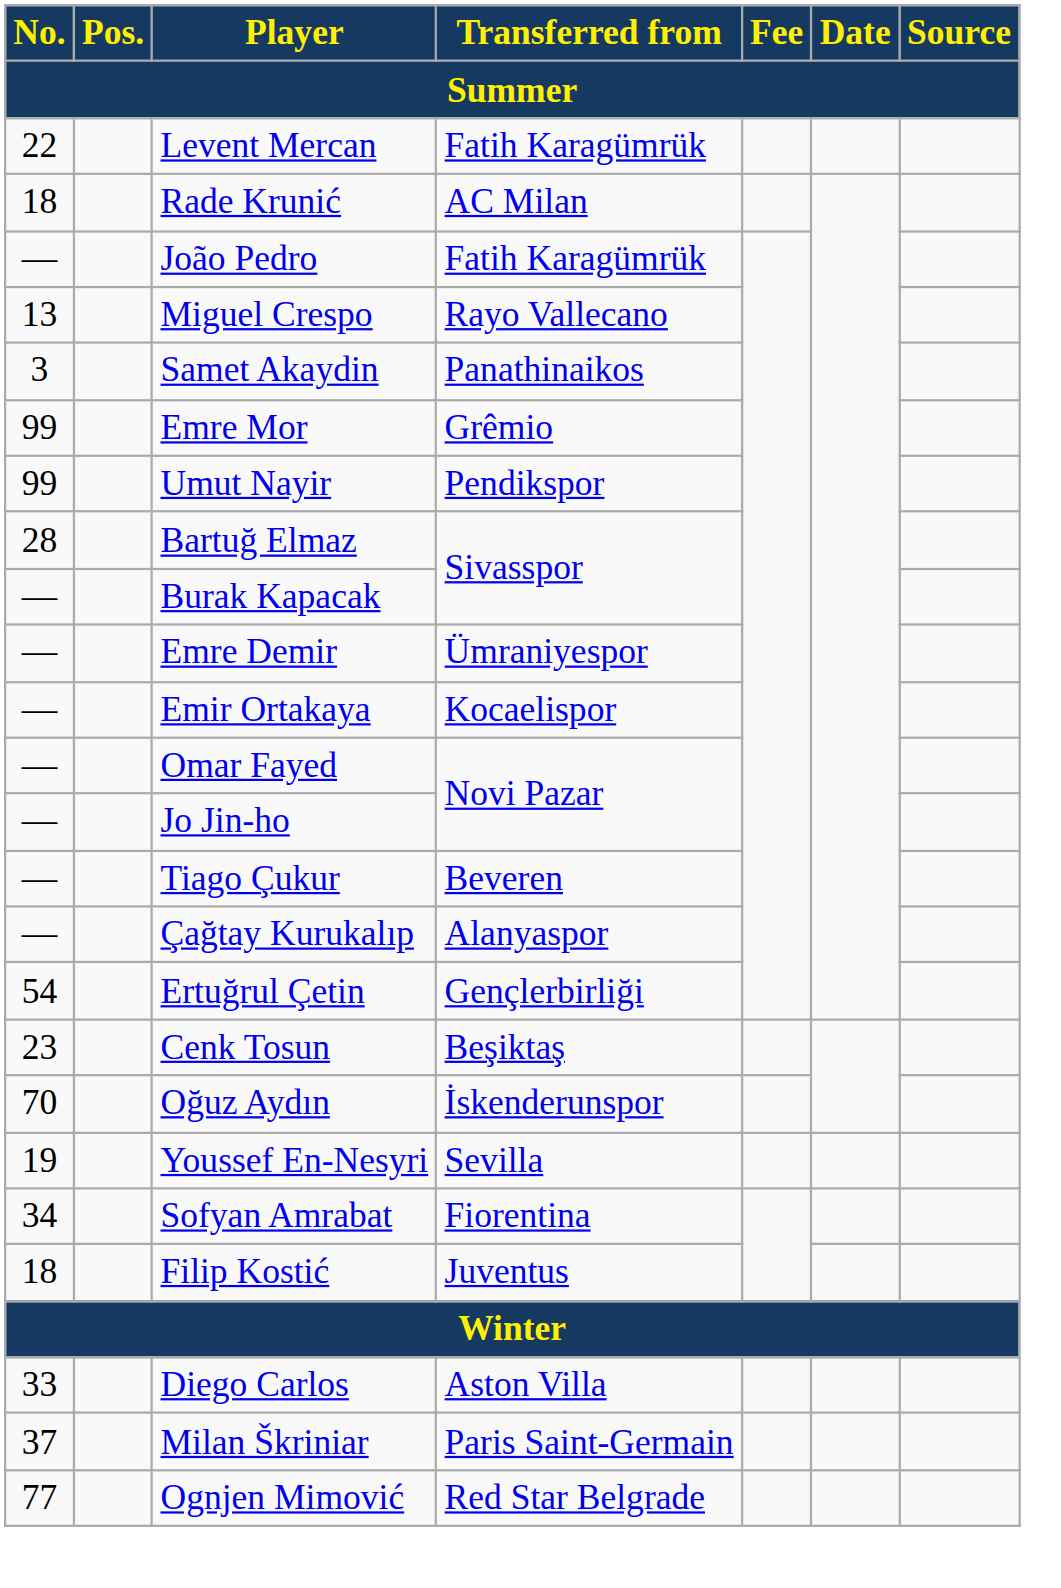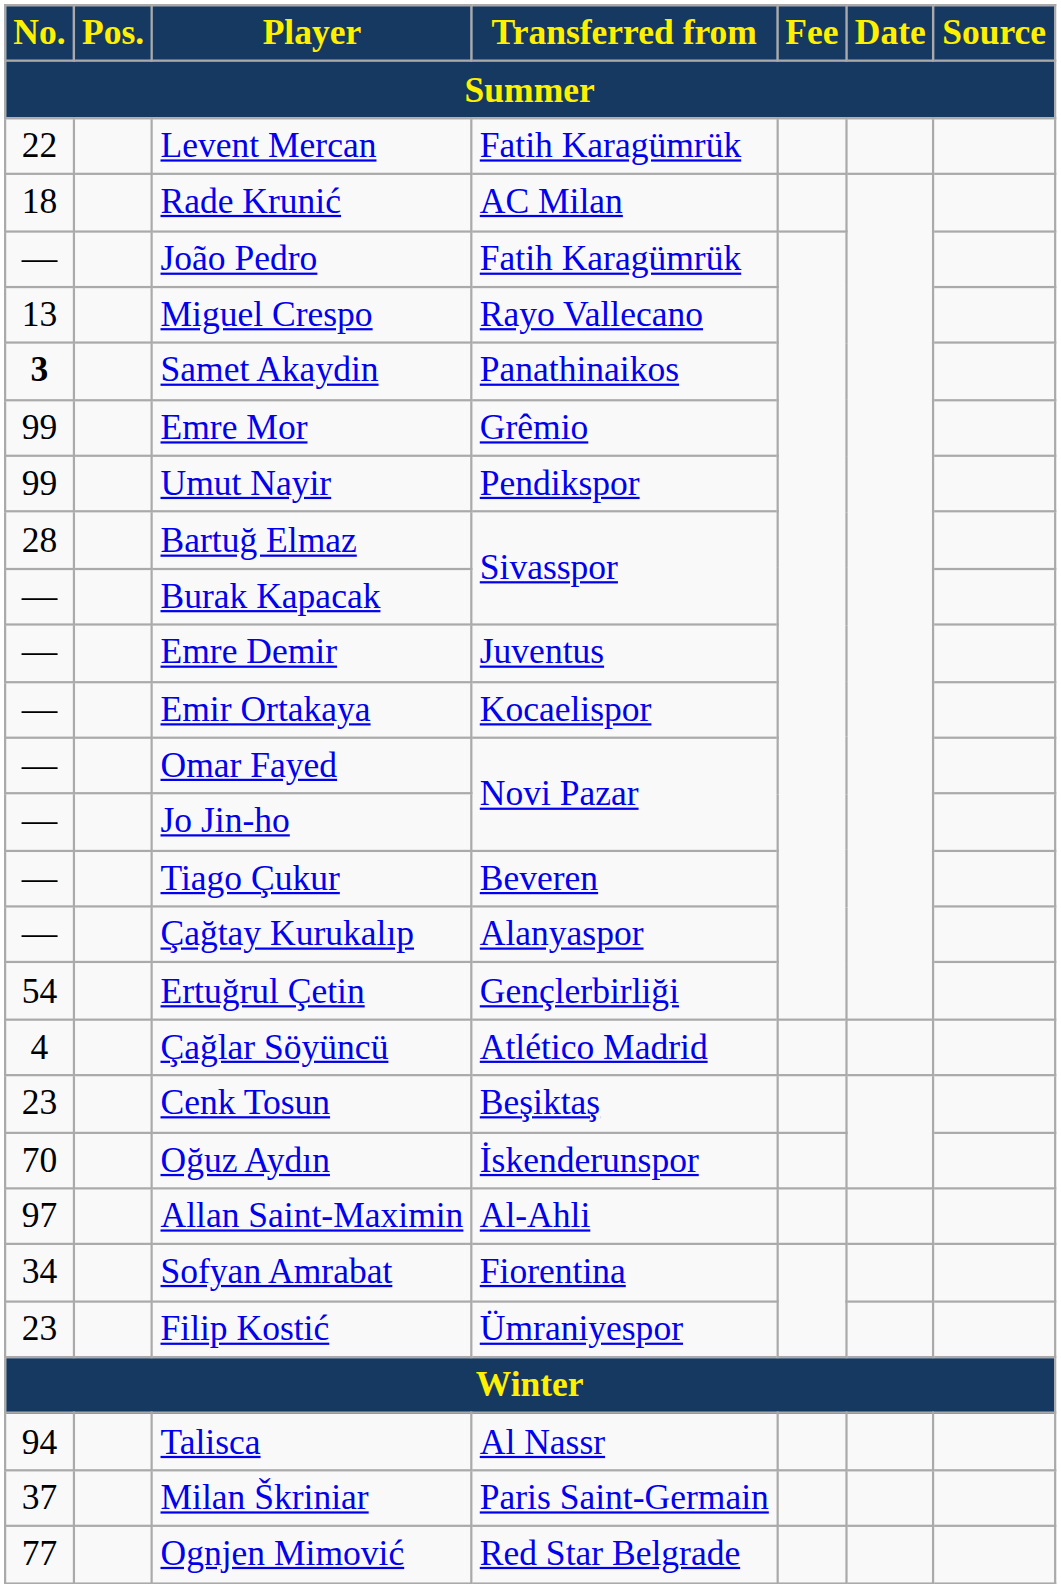 <table class="wikitable plainrowheaders sortable">
 <tr>
 <th style="background:#163962; color:#FFF000; ">No.</th>
 <th style="background:#163962; color:#FFF000; ">Pos.</th>
 <th style="background:#163962; color:#FFF000; ">Player</th>
 <th style="background:#163962; color:#FFF000; ">Transferred from</th>
 <th style="background:#163962; color:#FFF000; ">Fee</th>
 <th style="background:#163962; color:#FFF000; ">Date</th>
 <th style="background:#163962; color:#FFF000; ">Source</th>
 </tr>
 <tr>
 <th colspan=7 style="background:#163962;color:#FFF000;">Summer</th>
 </tr>
 <tr>
 <td align=center>22</td>
 <td align=center></td>
 <td> <a href='#'>Levent Mercan</a></td>
 <td> <a href='#'>Fatih Karagümrük</a></td>
 <td></td>
 <td></td>
 <td align=center></td>
 </tr>
 <tr>
 <td align=center>18</td>
 <td align=center></td>
 <td> <a href='#'>Rade Krunić</a></td>
 <td> <a href='#'>AC Milan</a></td>
 <td></td>
 <td rowspan=15></td>
 <td align=center></td>
 </tr>
 <tr>
 <td align=center>—</td>
 <td align=center></td>
 <td> <a href='#'>João Pedro</a></td>
 <td> <a href='#'>Fatih Karagümrük</a></td>
 <td rowspan=14></td>
 <td align=center></td>
 </tr>
 <tr>
 <td align=center>13</td>
 <td align=center></td>
 <td> <a href='#'>Miguel Crespo</a></td>
 <td> <a href='#'>Rayo Vallecano</a></td>
 <td align=center></td>
 </tr>
 <tr>
-<td align=center>3</td>
+<td align=center><strong>3</strong></td>
 <td align=center></td>
 <td> <a href='#'>Samet Akaydin</a></td>
 <td> <a href='#'>Panathinaikos</a></td>
 <td align=center></td>
 </tr>
 <tr>
 <td align=center>99</td>
 <td align=center></td>
 <td> <a href='#'>Emre Mor</a></td>
 <td> <a href='#'>Grêmio</a></td>
 <td align=center></td>
 </tr>
 <tr>
 <td align=center>99</td>
 <td align=center></td>
 <td> <a href='#'>Umut Nayir</a></td>
 <td> <a href='#'>Pendikspor</a></td>
 <td align=center></td>
 </tr>
 <tr>
 <td align=center>28</td>
 <td align=center></td>
 <td> <a href='#'>Bartuğ Elmaz</a></td>
 <td rowspan=2> <a href='#'>Sivasspor</a></td>
 <td align=center></td>
 </tr>
 <tr>
 <td align=center>—</td>
 <td align=center></td>
 <td> <a href='#'>Burak Kapacak</a></td>
 <td align=center></td>
 </tr>
 <tr>
 <td align=center>—</td>
 <td align=center></td>
 <td> <a href='#'>Emre Demir</a></td>
-<td> <a href='#'>Ümraniyespor</a></td>
+<td> <a href='#'>Juventus</a></td>
 <td align=center></td>
 </tr>
 <tr>
 <td align=center>—</td>
 <td align=center></td>
 <td> <a href='#'>Emir Ortakaya</a></td>
 <td> <a href='#'>Kocaelispor</a></td>
 <td align=center></td>
 </tr>
 <tr>
 <td align=center>—</td>
 <td align=center></td>
 <td> <a href='#'>Omar Fayed</a></td>
 <td rowspan=2> <a href='#'>Novi Pazar</a></td>
 <td align=center></td>
 </tr>
 <tr>
 <td align=center>—</td>
 <td align=center></td>
 <td> <a href='#'>Jo Jin-ho</a></td>
 <td align=center></td>
 </tr>
 <tr>
 <td align=center>—</td>
 <td align=center></td>
 <td> <a href='#'>Tiago Çukur</a></td>
 <td> <a href='#'>Beveren</a></td>
 <td align=center></td>
 </tr>
 <tr>
 <td align=center>—</td>
 <td align=center></td>
 <td> <a href='#'>Çağtay Kurukalıp</a></td>
 <td> <a href='#'>Alanyaspor</a></td>
 <td align=center></td>
 </tr>
 <tr>
 <td align=center>54</td>
 <td align=center></td>
 <td> <a href='#'>Ertuğrul Çetin</a></td>
 <td> <a href='#'>Gençlerbirliği</a></td>
 <td align=center></td>
 </tr>
 <tr>
+<td align=center>4</td>
+<td align=center></td>
+<td> <a href='#'>Çağlar Söyüncü</a></td>
+<td> <a href='#'>Atlético Madrid</a></td>
+<td></td>
+<td></td>
+<td align=center></td>
+</tr>
+<tr>
 <td align=center>23</td>
 <td align=center></td>
 <td> <a href='#'>Cenk Tosun</a></td>
 <td> <a href='#'>Beşiktaş</a></td>
 <td></td>
 <td rowspan=2></td>
 <td align=center></td>
 </tr>
 <tr>
 <td align=center>70</td>
 <td align=center></td>
 <td> <a href='#'>Oğuz Aydın</a></td>
 <td> <a href='#'>İskenderunspor</a></td>
 <td></td>
 <td align=center></td>
 </tr>
 <tr>
-<td align=center>19</td>
+<td align=center>97</td>
 <td align=center></td>
-<td> <a href='#'>Youssef En-Nesyri</a></td>
-<td> <a href='#'>Sevilla</a></td>
+<td> <a href='#'>Allan Saint-Maximin</a></td>
+<td> <a href='#'>Al-Ahli</a></td>
 <td></td>
 <td></td>
 <td align=center></td>
 </tr>
 <tr>
 <td align=center>34</td>
 <td align=center></td>
 <td> <a href='#'>Sofyan Amrabat</a></td>
 <td> <a href='#'>Fiorentina</a></td>
 <td rowspan=2></td>
 <td></td>
 <td align=center></td>
 </tr>
 <tr>
-<td align=center>18</td>
+<td align=center>23</td>
 <td align=center></td>
 <td> <a href='#'>Filip Kostić</a></td>
-<td> <a href='#'>Juventus</a></td>
+<td> <a href='#'>Ümraniyespor</a></td>
 <td></td>
 <td align=center></td>
 </tr>
 <tr>
 <th colspan=7 style="background:#163962;color:#FFF000;">Winter</th>
 </tr>
 <tr>
-<td align=center>33</td>
+<td align=center>94</td>
 <td align=center></td>
-<td> <a href='#'>Diego Carlos</a></td>
-<td> <a href='#'>Aston Villa</a></td>
+<td> <a href='#'>Talisca</a></td>
+<td> <a href='#'>Al Nassr</a></td>
 <td></td>
 <td></td>
 <td align=center></td>
 </tr>
 <tr>
 <td align=center>37</td>
 <td align=center></td>
 <td> <a href='#'>Milan Škriniar</a></td>
 <td> <a href='#'>Paris Saint-Germain</a></td>
 <td></td>
 <td></td>
 <td align=center></td>
 </tr>
 <tr>
 <td align=center>77</td>
 <td align=center></td>
 <td> <a href='#'>Ognjen Mimović</a></td>
 <td> <a href='#'>Red Star Belgrade</a></td>
 <td></td>
 <td></td>
 <td align=center></td>
 </tr>
 </table>
